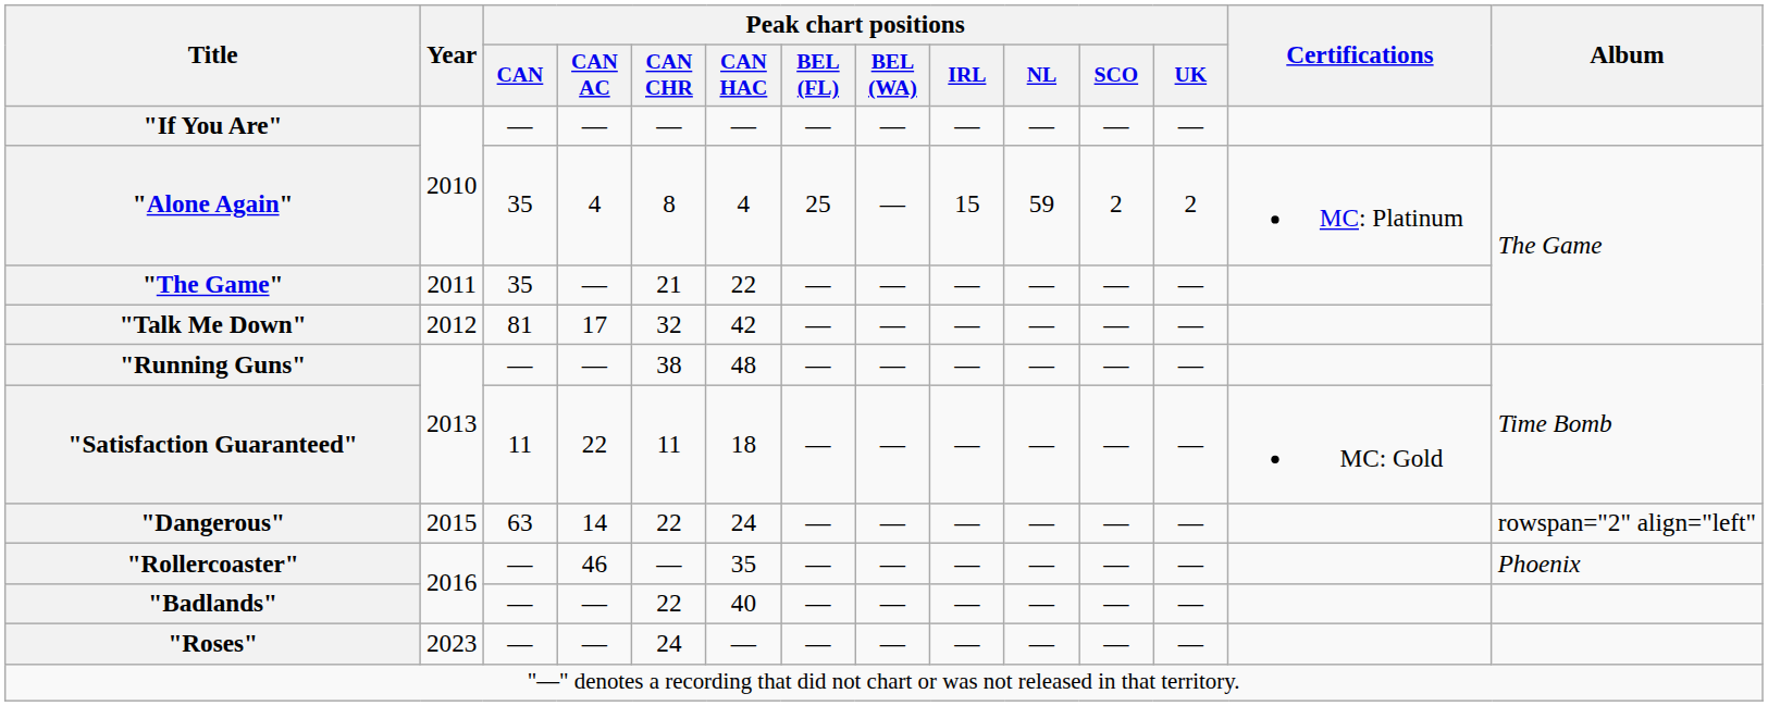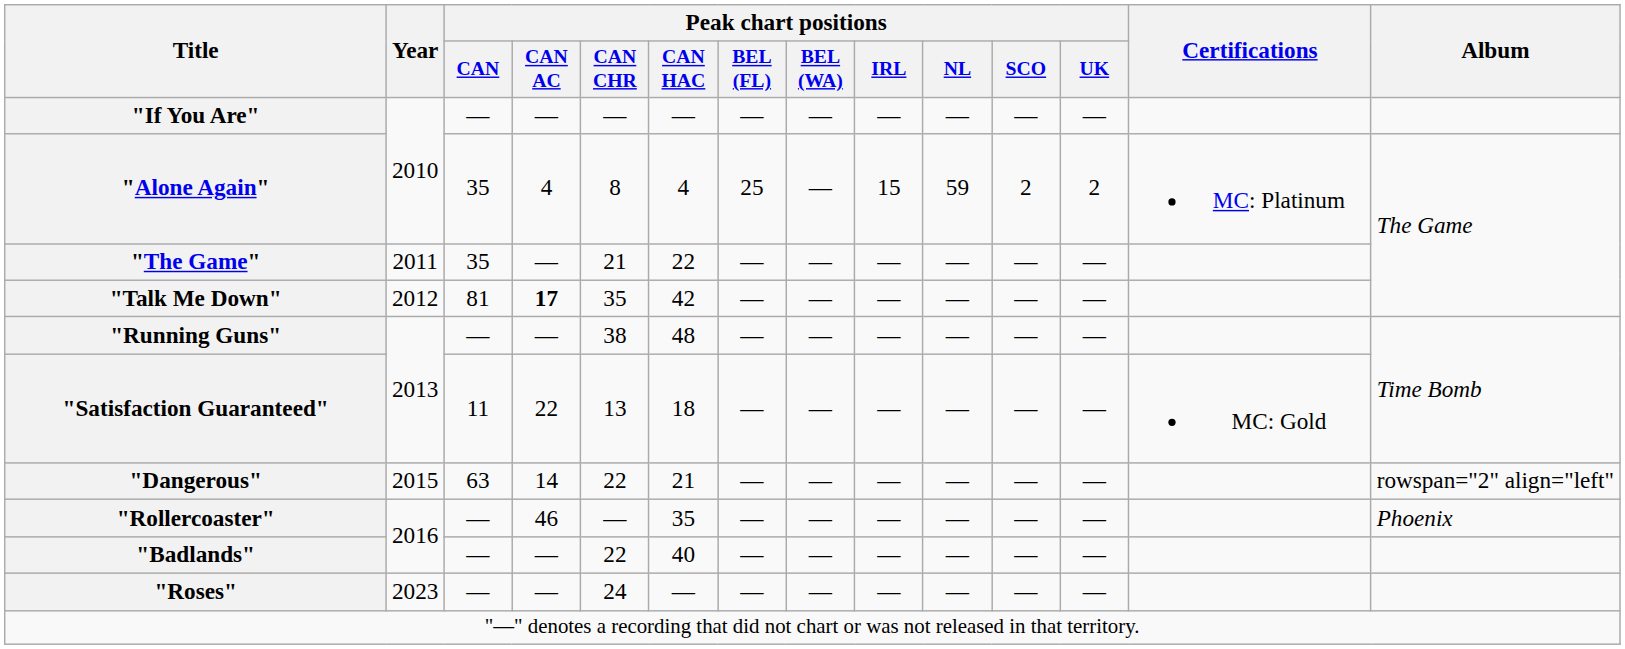 <table class="wikitable plainrowheaders" style="text-align:center;" border="1">
 <tr>
 <th scope="col" rowspan="2" style="width:16em;">Title</th>
 <th scope="col" rowspan="2" style="width:1em;">Year</th>
 <th scope="col" colspan="10">Peak chart positions</th>
 <th scope="col" rowspan="2" style="width:10em;"><a href='#'>Certifications</a></th>
 <th scope="col" rowspan="2">Album</th>
 </tr>
 <tr>
 <th scope="col" style="width:3em;font-size:85%;"><a href='#'>CAN</a><br></th>
 <th scope="col" style="width:3em;font-size:85%;"><a href='#'>CAN <br> AC</a><br></th>
 <th scope="col" style="width:3em;font-size:85%;"><a href='#'>CAN CHR</a><br></th>
 <th scope="col" style="width:3em;font-size:85%;"><a href='#'>CAN HAC</a><br></th>
 <th scope="col" style="width:3em;font-size:85%;"><a href='#'>BEL<br>(FL)</a><br></th>
 <th scope="col" style="width:3em;font-size:85%;"><a href='#'>BEL<br>(WA)</a><br></th>
 <th scope="col" style="width:3em;font-size:85%;"><a href='#'>IRL</a><br></th>
 <th scope="col" style="width:3em;font-size:85%;"><a href='#'>NL</a><br></th>
 <th scope="col" style="width:3em;font-size:85%;"><a href='#'>SCO</a><br></th>
 <th scope="col" style="width:3em;font-size:85%;"><a href='#'>UK</a><br></th>
 </tr>
 <tr>
 <th scope="row">"If You Are"</th>
 <td rowspan="2">2010</td>
 <td>—</td>
 <td>—</td>
 <td>—</td>
 <td>—</td>
 <td>—</td>
 <td>—</td>
 <td>—</td>
 <td>—</td>
 <td>—</td>
 <td>—</td>
 <td></td>
 <td></td>
 </tr>
 <tr>
 <th scope="row">"<a href='#'>Alone Again</a>" <br> </th>
 <td>35</td>
 <td>4</td>
 <td>8</td>
 <td>4</td>
 <td>25</td>
 <td>—</td>
 <td>15</td>
 <td>59</td>
 <td>2</td>
 <td>2</td>
 <td><br><ul><li><a href='#'>MC</a>: Platinum</li></ul></td>
 <td rowspan="3" align="left"><em>The Game</em></td>
 </tr>
 <tr>
 <th scope="row">"<a href='#'>The Game</a>"</th>
 <td>2011</td>
 <td>35</td>
 <td>—</td>
 <td>21</td>
 <td>22</td>
 <td>—</td>
 <td>—</td>
 <td>—</td>
 <td>—</td>
 <td>—</td>
 <td>—</td>
 <td></td>
 </tr>
 <tr>
 <th scope="row">"Talk Me Down"</th>
 <td>2012</td>
 <td>81</td>
-<td>17</td>
-<td>32</td>
+<td><strong>17</strong></td>
+<td>35</td>
 <td>42</td>
 <td>—</td>
 <td>—</td>
 <td>—</td>
 <td>—</td>
 <td>—</td>
 <td>—</td>
 <td></td>
 </tr>
 <tr>
 <th scope="row">"Running Guns"</th>
 <td rowspan="2">2013</td>
 <td>—</td>
 <td>—</td>
 <td>38</td>
 <td>48</td>
 <td>—</td>
 <td>—</td>
 <td>—</td>
 <td>—</td>
 <td>—</td>
 <td>—</td>
 <td></td>
 <td rowspan="2" align="left"><em>Time Bomb </em></td>
 </tr>
 <tr>
 <th scope="row">"Satisfaction Guaranteed"</th>
 <td>11</td>
 <td>22</td>
-<td>11</td>
+<td>13</td>
 <td>18</td>
 <td>—</td>
 <td>—</td>
 <td>—</td>
 <td>—</td>
 <td>—</td>
 <td>—</td>
 <td><br><ul><li>MC: Gold</li></ul></td>
 </tr>
 <tr>
 <th scope="row">"Dangerous" <br> </th>
 <td rowspan="1">2015</td>
 <td>63</td>
 <td>14</td>
 <td>22</td>
-<td>24</td>
+<td>21</td>
 <td>—</td>
 <td>—</td>
 <td>—</td>
 <td>—</td>
 <td>—</td>
 <td>—</td>
 <td></td>
 <td>rowspan="2" align="left" </td>
 </tr>
 <tr>
 <th scope="row">"Rollercoaster"</th>
 <td rowspan="2">2016</td>
 <td>—</td>
 <td>46</td>
 <td>—</td>
 <td>35</td>
 <td>—</td>
 <td>—</td>
 <td>—</td>
 <td>—</td>
 <td>—</td>
 <td>—</td>
 <td></td>
 <td rowspan="1" align="left"><em>Phoenix</em></td>
 </tr>
 <tr>
 <th scope="row">"Badlands" <br> </th>
 <td>—</td>
 <td>—</td>
 <td>22</td>
 <td>40</td>
 <td>—</td>
 <td>—</td>
 <td>—</td>
 <td>—</td>
 <td>—</td>
 <td>—</td>
 <td></td>
 </tr>
 <tr>
 <th scope="row">"Roses"</th>
 <td>2023</td>
 <td>—</td>
 <td>—</td>
 <td>24</td>
 <td>—</td>
 <td>—</td>
 <td>—</td>
 <td>—</td>
 <td>—</td>
 <td>—</td>
 <td>—</td>
 <td></td>
 <td></td>
 </tr>
 <tr>
 <td colspan="14" style="font-size:90%">"—" denotes a recording that did not chart or was not released in that territory.</td>
 </tr>
 </table>
